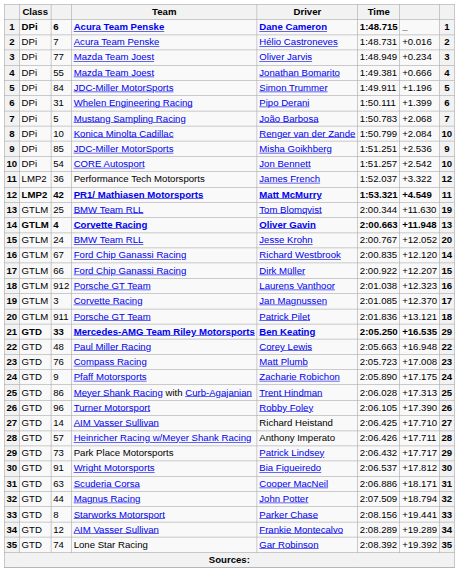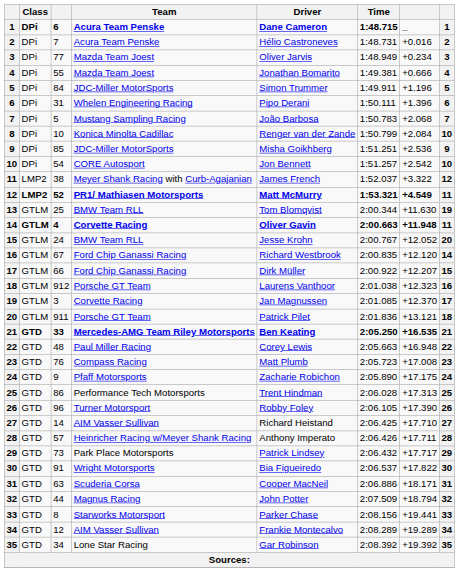 <table class="wikitable">
 <tr>
 <th scope="col"></th>
 <th scope="col">Class</th>
 <th scope="col"></th>
 <th scope="col">Team</th>
 <th scope="col">Driver</th>
 <th scope="col">Time</th>
 <th scope="col"></th>
 <th scope="col"></th>
 </tr>
 <tr style="font-weight:bold">
 <th scope="row">1</th>
 <td>DPi</td>
 <td>6</td>
 <td> <a href='#'>Acura Team Penske</a></td>
 <td> <a href='#'>Dane Cameron</a></td>
 <td>1:48.715</td>
 <td>_</td>
 <th><strong>1</strong></th>
 </tr>
 <tr>
 <th scope="row">2</th>
 <td>DPi</td>
 <td>7</td>
 <td> <a href='#'>Acura Team Penske</a></td>
 <td> <a href='#'>Hélio Castroneves</a></td>
 <td>1:48.731</td>
 <td>+0.016</td>
 <th>2</th>
 </tr>
 <tr>
 <th scope="row">3</th>
 <td>DPi</td>
 <td>77</td>
 <td> <a href='#'>Mazda Team Joest</a></td>
 <td> <a href='#'>Oliver Jarvis</a></td>
 <td>1:48.949</td>
 <td>+0.234</td>
 <th>3</th>
 </tr>
 <tr>
 <th scope="row">4</th>
 <td>DPi</td>
 <td>55</td>
 <td> <a href='#'>Mazda Team Joest</a></td>
 <td> <a href='#'>Jonathan Bomarito</a></td>
 <td>1:49.381</td>
 <td>+0.666</td>
 <th>4</th>
 </tr>
 <tr>
 <th scope="row">5</th>
 <td>DPi</td>
 <td>84</td>
 <td> <a href='#'>JDC-Miller MotorSports</a></td>
 <td> <a href='#'>Simon Trummer</a></td>
 <td>1:49.911</td>
 <td>+1.196</td>
 <th>5</th>
 </tr>
 <tr>
 <th scope="row">6</th>
 <td>DPi</td>
 <td>31</td>
 <td> <a href='#'>Whelen Engineering Racing</a></td>
 <td> <a href='#'>Pipo Derani</a></td>
 <td>1:50.111</td>
-<td>+1.399</td>
+<td>+1.396</td>
 <th>6</th>
 </tr>
 <tr>
 <th scope="row">7</th>
 <td>DPi</td>
 <td>5</td>
 <td> <a href='#'>Mustang Sampling Racing</a></td>
 <td> <a href='#'>João Barbosa</a></td>
 <td>1:50.783</td>
 <td>+2.068</td>
 <th>7</th>
 </tr>
 <tr>
 <th scope="row">8</th>
 <td>DPi</td>
 <td>10</td>
 <td> <a href='#'>Konica Minolta Cadillac</a></td>
 <td> <a href='#'>Renger van der Zande</a></td>
 <td>1:50.799</td>
 <td>+2.084</td>
 <th>10</th>
 </tr>
 <tr>
 <th scope="row">9</th>
 <td>DPi</td>
 <td>85</td>
 <td> <a href='#'>JDC-Miller MotorSports</a></td>
 <td> <a href='#'>Misha Goikhberg</a></td>
 <td>1:51.251</td>
 <td>+2.536</td>
 <th>9</th>
 </tr>
 <tr>
 <th scope="row">10</th>
 <td>DPi</td>
 <td>54</td>
 <td> <a href='#'>CORE Autosport</a></td>
 <td> <a href='#'>Jon Bennett</a></td>
 <td>1:51.257</td>
 <td>+2.542</td>
 <th>10</th>
 </tr>
 <tr>
 <th scope="row">11</th>
 <td>LMP2</td>
-<td>36</td>
-<td> Performance Tech Motorsports</td>
+<td>38</td>
+<td> <a href='#'>Meyer Shank Racing</a> with <a href='#'>Curb-Agajanian</a></td>
 <td> <a href='#'>James French</a></td>
 <td>1:52.037</td>
 <td>+3.322</td>
 <th><strong>12</strong></th>
 </tr>
 <tr style="font-weight:bold">
 <th scope="row">12</th>
 <td>LMP2</td>
-<td>42</td>
+<td>52</td>
 <td> <a href='#'>PR1/ Mathiasen Motorsports</a></td>
 <td> <a href='#'>Matt McMurry</a></td>
 <td>1:53.321</td>
 <td>+4.549</td>
 <th>11</th>
 </tr>
 <tr>
 <th scope="row">13</th>
 <td>GTLM</td>
 <td>25</td>
 <td> <a href='#'>BMW Team RLL</a></td>
 <td> <a href='#'>Tom Blomqvist</a></td>
 <td>2:00.344</td>
 <td>+11.630</td>
 <th><strong>19</strong></th>
 </tr>
 <tr style="font-weight:bold">
 <th scope="row">14</th>
 <td>GTLM</td>
 <td>4</td>
 <td> <a href='#'>Corvette Racing</a></td>
 <td> <a href='#'>Oliver Gavin</a></td>
 <td>2:00.663</td>
 <td>+11.948</td>
-<th>13</th>
+<th>11</th>
 </tr>
 <tr>
 <th scope="row">15</th>
 <td>GTLM</td>
 <td>24</td>
 <td> <a href='#'>BMW Team RLL</a></td>
 <td> <a href='#'>Jesse Krohn</a></td>
 <td>2:00.767</td>
 <td>+12.052</td>
 <th>20</th>
 </tr>
 <tr>
 <th scope="row">16</th>
 <td>GTLM</td>
 <td>67</td>
 <td> <a href='#'>Ford Chip Ganassi Racing</a></td>
 <td> <a href='#'>Richard Westbrook</a></td>
 <td>2:00.835</td>
 <td>+12.120</td>
 <th>14</th>
 </tr>
 <tr>
 <th scope="row">17</th>
 <td>GTLM</td>
 <td>66</td>
 <td> <a href='#'>Ford Chip Ganassi Racing</a></td>
 <td> <a href='#'>Dirk Müller</a></td>
 <td>2:00.922</td>
 <td>+12.207</td>
 <th>15</th>
 </tr>
 <tr>
 <th scope="row">18</th>
 <td>GTLM</td>
 <td>912</td>
 <td> <a href='#'>Porsche GT Team</a></td>
 <td> <a href='#'>Laurens Vanthoor</a></td>
 <td>2:01.038</td>
 <td>+12.323</td>
 <th>16</th>
 </tr>
 <tr>
 <th scope="row">19</th>
 <td>GTLM</td>
 <td>3</td>
 <td> <a href='#'>Corvette Racing</a></td>
 <td> <a href='#'>Jan Magnussen</a></td>
 <td>2:01.085</td>
 <td>+12.370</td>
 <th>17</th>
 </tr>
 <tr>
 <th scope="row">20</th>
 <td>GTLM</td>
 <td>911</td>
 <td> <a href='#'>Porsche GT Team</a></td>
 <td> <a href='#'>Patrick Pilet</a></td>
 <td>2:01.836</td>
 <td>+13.121</td>
 <th>18</th>
 </tr>
 <tr style="font-weight:bold">
 <th scope="row">21</th>
 <td>GTD</td>
 <td>33</td>
 <td> <a href='#'>Mercedes-AMG Team Riley Motorsports</a></td>
 <td> <a href='#'>Ben Keating</a></td>
 <td>2:05.250</td>
 <td>+16.535</td>
-<th>29</th>
+<th>21</th>
 </tr>
 <tr>
 <th scope="row">22</th>
 <td>GTD</td>
 <td>48</td>
 <td> <a href='#'>Paul Miller Racing</a></td>
 <td> <a href='#'>Corey Lewis</a></td>
 <td>2:05.663</td>
 <td>+16.948</td>
 <th><strong>22</strong></th>
 </tr>
 <tr>
 <th scope="row">23</th>
 <td>GTD</td>
 <td>76</td>
 <td> <a href='#'>Compass Racing</a></td>
 <td> <a href='#'>Matt Plumb</a></td>
 <td>2:05.723</td>
 <td>+17.008</td>
 <th>23</th>
 </tr>
 <tr>
 <th scope="row">24</th>
 <td>GTD</td>
 <td>9</td>
 <td> <a href='#'>Pfaff Motorsports</a></td>
 <td> <a href='#'>Zacharie Robichon</a></td>
 <td>2:05.890</td>
 <td>+17.175</td>
 <th>24</th>
 </tr>
 <tr>
 <th scope="row">25</th>
 <td>GTD</td>
 <td>86</td>
-<td> <a href='#'>Meyer Shank Racing</a> with <a href='#'>Curb-Agajanian</a></td>
+<td> Performance Tech Motorsports</td>
 <td> <a href='#'>Trent Hindman</a></td>
 <td>2:06.028</td>
 <td>+17.313</td>
 <th>25</th>
 </tr>
 <tr>
 <th scope="row">26</th>
 <td>GTD</td>
 <td>96</td>
 <td> <a href='#'>Turner Motorsport</a></td>
 <td> <a href='#'>Robby Foley</a></td>
 <td>2:06.105</td>
 <td>+17.390</td>
 <th>26</th>
 </tr>
 <tr>
 <th scope="row">27</th>
 <td>GTD</td>
 <td>14</td>
 <td> <a href='#'>AIM Vasser Sullivan</a></td>
 <td> Richard Heistand</td>
 <td>2:06.425</td>
 <td>+17.710</td>
 <th>27</th>
 </tr>
 <tr>
 <th scope="row">28</th>
 <td>GTD</td>
 <td>57</td>
 <td> <a href='#'>Heinricher Racing w/Meyer Shank Racing</a></td>
 <td> Anthony Imperato</td>
 <td>2:06.426</td>
 <td>+17.711</td>
 <th>28</th>
 </tr>
 <tr>
 <th scope="row">29</th>
 <td>GTD</td>
 <td>73</td>
 <td> Park Place Motorsports</td>
 <td> <a href='#'>Patrick Lindsey</a></td>
 <td>2:06.432</td>
 <td>+17.717</td>
 <th>29</th>
 </tr>
 <tr>
 <th scope="row">30</th>
 <td>GTD</td>
 <td>91</td>
 <td> <a href='#'>Wright Motorsports</a></td>
 <td> <a href='#'>Bia Figueiredo</a></td>
 <td>2:06.537</td>
-<td>+17.812</td>
+<td>+17.822</td>
 <th>30</th>
 </tr>
 <tr>
 <th scope="row">31</th>
 <td>GTD</td>
 <td>63</td>
 <td> <a href='#'>Scuderia Corsa</a></td>
 <td> <a href='#'>Cooper MacNeil</a></td>
 <td>2:06.886</td>
 <td>+18.171</td>
 <th>31</th>
 </tr>
 <tr>
 <th scope="row">32</th>
 <td>GTD</td>
 <td>44</td>
 <td> <a href='#'>Magnus Racing</a></td>
 <td> <a href='#'>John Potter</a></td>
 <td>2:07.509</td>
 <td>+18.794</td>
 <th>32</th>
 </tr>
 <tr>
 <th scope="row">33</th>
 <td>GTD</td>
 <td>8</td>
 <td> <a href='#'>Starworks Motorsport</a></td>
 <td> <a href='#'>Parker Chase</a></td>
 <td>2:08.156</td>
 <td>+19.441</td>
 <th>33</th>
 </tr>
 <tr>
 <th scope="row">34</th>
 <td>GTD</td>
 <td>12</td>
 <td> <a href='#'>AIM Vasser Sullivan</a></td>
 <td> <a href='#'>Frankie Montecalvo</a></td>
 <td>2:08.289</td>
 <td>+19.289</td>
 <th>34</th>
 </tr>
 <tr>
 <th scope="row">35</th>
 <td>GTD</td>
-<td>74</td>
+<td>34</td>
 <td> Lone Star Racing</td>
 <td> <a href='#'>Gar Robinson</a></td>
 <td>2:08.392</td>
 <td>+19.392</td>
 <th>35</th>
 </tr>
 <tr>
 <th colspan="8">Sources:</th>
 </tr>
 <tr>
 </tr>
 </table>
